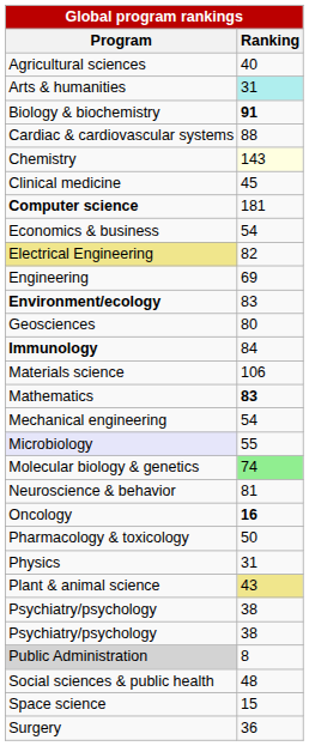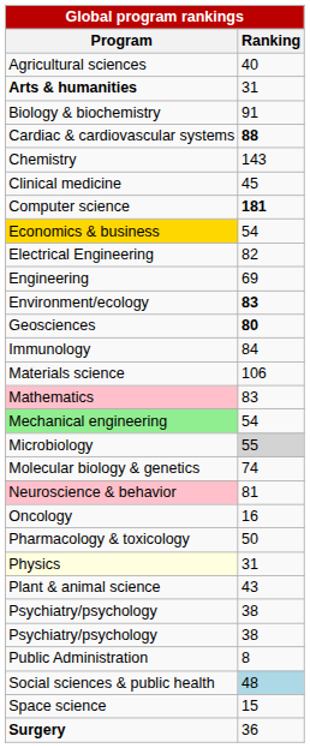 <table class="wikitable sortable collapsible collapsed floatright" "text-align:center">
 <tr>
 <th colspan=4 style="background:#BB0000; color:white; ">Global program rankings</th>
 </tr>
 <tr>
 <th>Program</th>
 <th>Ranking</th>
 </tr>
 <tr>
 <td>Agricultural sciences</td>
 <td>40</td>
 </tr>
 <tr>
-<td>Arts & humanities</td>
-<td style="background: paleturquoise;">31</td>
+<td><strong>Arts & humanities</strong></td>
+<td>31</td>
 </tr>
 <tr>
 <td>Biology & biochemistry</td>
-<td><strong>91</strong></td>
+<td>91</td>
 </tr>
 <tr>
 <td>Cardiac & cardiovascular systems</td>
-<td>88</td>
+<td><strong>88</strong></td>
 </tr>
 <tr>
 <td>Chemistry</td>
-<td style="background: lightyellow;">143</td>
+<td>143</td>
 </tr>
 <tr>
 <td>Clinical medicine</td>
 <td>45</td>
 </tr>
 <tr>
-<td><strong>Computer science</strong></td>
-<td>181</td>
+<td>Computer science</td>
+<td><strong>181</strong></td>
 </tr>
 <tr>
-<td>Economics & business</td>
+<td style="background: gold;">Economics & business</td>
 <td>54</td>
 </tr>
 <tr>
-<td style="background: khaki;">Electrical Engineering</td>
+<td>Electrical Engineering</td>
 <td>82</td>
 </tr>
 <tr>
 <td>Engineering</td>
 <td>69</td>
 </tr>
 <tr>
-<td><strong>Environment/ecology</strong></td>
-<td>83</td>
+<td>Environment/ecology</td>
+<td><strong>83</strong></td>
 </tr>
 <tr>
 <td>Geosciences</td>
-<td>80</td>
+<td><strong>80</strong></td>
 </tr>
 <tr>
-<td><strong>Immunology</strong></td>
+<td>Immunology</td>
 <td>84</td>
 </tr>
 <tr>
 <td>Materials science</td>
 <td>106</td>
 </tr>
 <tr>
-<td>Mathematics</td>
-<td><strong>83</strong></td>
+<td style="background: pink;">Mathematics</td>
+<td>83</td>
 </tr>
 <tr>
-<td>Mechanical engineering</td>
+<td style="background: lightgreen;">Mechanical engineering</td>
 <td>54</td>
 </tr>
 <tr>
-<td style="background: lavender;">Microbiology</td>
-<td>55</td>
+<td>Microbiology</td>
+<td style="background: lightgrey;">55</td>
 </tr>
 <tr>
 <td>Molecular biology & genetics</td>
-<td style="background: lightgreen;">74</td>
+<td>74</td>
 </tr>
 <tr>
-<td>Neuroscience & behavior</td>
+<td style="background: pink;">Neuroscience & behavior</td>
 <td>81</td>
 </tr>
 <tr>
 <td>Oncology</td>
-<td><strong>16</strong></td>
+<td>16</td>
 </tr>
 <tr>
 <td>Pharmacology & toxicology</td>
 <td>50</td>
 </tr>
 <tr>
-<td>Physics</td>
+<td style="background: lightyellow;">Physics</td>
 <td>31</td>
 </tr>
 <tr>
 <td>Plant & animal science</td>
-<td style="background: khaki;">43</td>
+<td>43</td>
 </tr>
 <tr>
 <td>Psychiatry/psychology</td>
 <td>38</td>
 </tr>
 <tr>
 <td>Psychiatry/psychology</td>
 <td>38</td>
 </tr>
 <tr>
-<td style="background: lightgrey;">Public Administration</td>
+<td>Public Administration</td>
 <td>8</td>
 </tr>
 <tr>
 <td>Social sciences & public health</td>
-<td>48</td>
+<td style="background: lightblue;">48</td>
 </tr>
 <tr>
 <td>Space science</td>
 <td>15</td>
 </tr>
 <tr>
-<td>Surgery</td>
+<td><strong>Surgery</strong></td>
 <td>36</td>
 </tr>
 </table>
